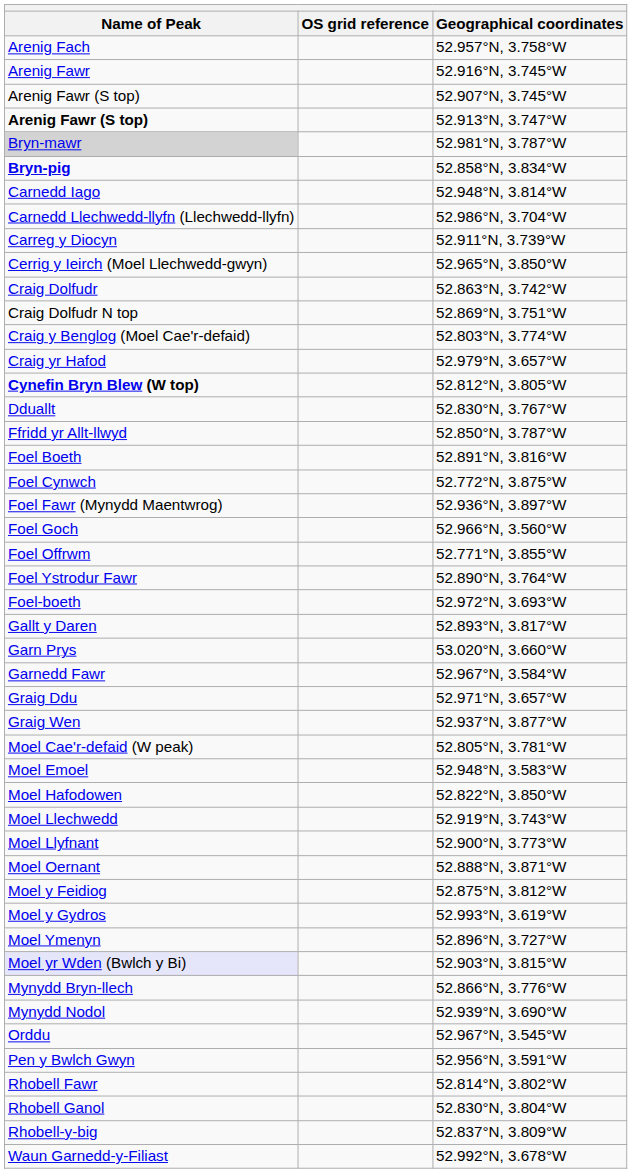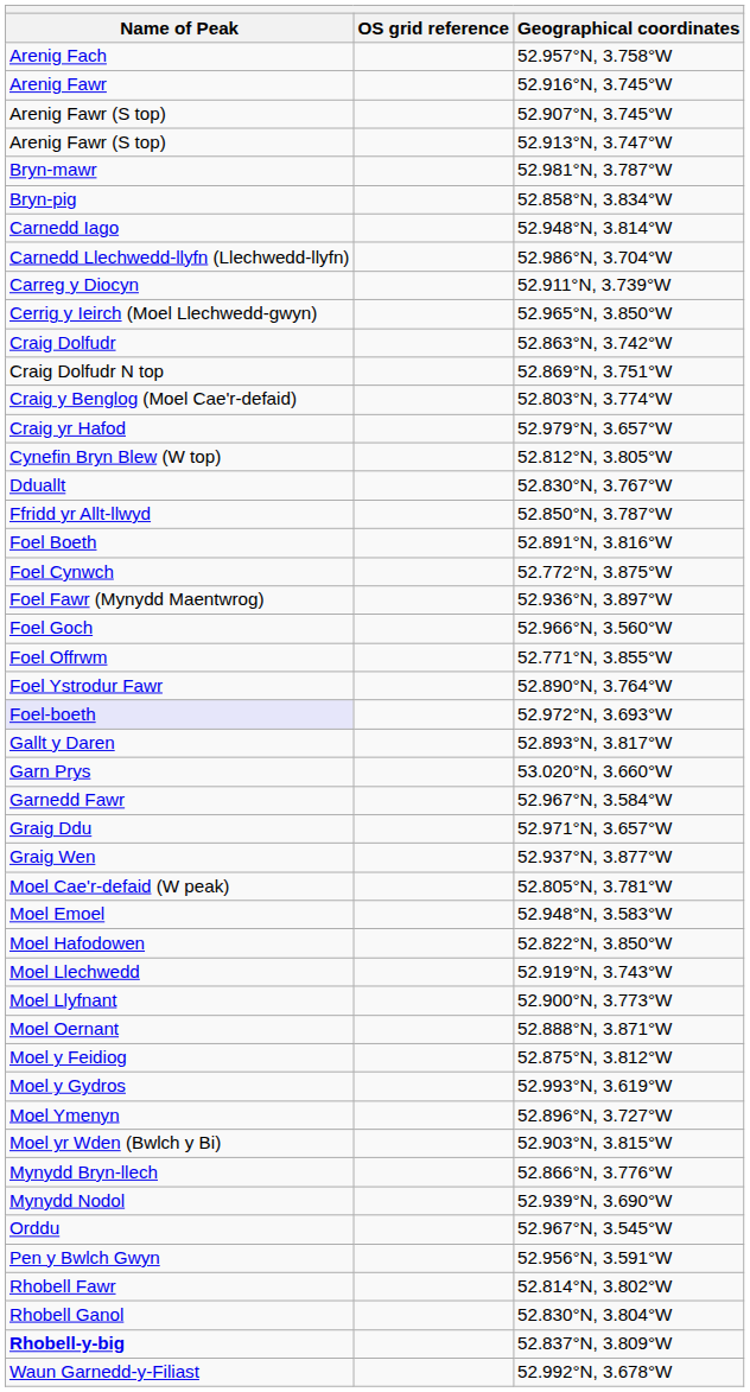 <table class="wikitable sortable">
 <tr>
 <th colspan="4"></th>
 </tr>
 <tr>
 <th>Name of Peak</th>
 <th>OS grid reference</th>
 <th>Geographical coordinates</th>
 </tr>
 <tr>
 <td><a href='#'>Arenig Fach</a></td>
 <td></td>
 <td>52.957°N, 3.758°W</td>
 </tr>
 <tr>
 <td><a href='#'>Arenig Fawr</a></td>
 <td></td>
 <td>52.916°N, 3.745°W</td>
 </tr>
 <tr>
 <td>Arenig Fawr (S top)</td>
 <td></td>
 <td>52.907°N, 3.745°W</td>
 </tr>
 <tr>
-<td><strong>Arenig Fawr (S top)</strong></td>
+<td>Arenig Fawr (S top)</td>
 <td></td>
 <td>52.913°N, 3.747°W</td>
 </tr>
 <tr>
-<td style="background: lightgrey;"><a href='#'>Bryn-mawr</a></td>
+<td><a href='#'>Bryn-mawr</a></td>
 <td></td>
 <td>52.981°N, 3.787°W</td>
 </tr>
 <tr>
-<td><strong><a href='#'>Bryn-pig</a></strong></td>
+<td><a href='#'>Bryn-pig</a></td>
 <td></td>
 <td>52.858°N, 3.834°W</td>
 </tr>
 <tr>
 <td><a href='#'>Carnedd Iago</a></td>
 <td></td>
 <td>52.948°N, 3.814°W</td>
 </tr>
 <tr>
 <td><a href='#'>Carnedd Llechwedd-llyfn</a> (Llechwedd-llyfn)</td>
 <td></td>
 <td>52.986°N, 3.704°W</td>
 </tr>
 <tr>
 <td><a href='#'>Carreg y Diocyn</a></td>
 <td></td>
 <td>52.911°N, 3.739°W</td>
 </tr>
 <tr>
 <td><a href='#'>Cerrig y Ieirch</a> (Moel Llechwedd-gwyn)</td>
 <td></td>
 <td>52.965°N, 3.850°W</td>
 </tr>
 <tr>
 <td><a href='#'>Craig Dolfudr</a></td>
 <td></td>
 <td>52.863°N, 3.742°W</td>
 </tr>
 <tr>
 <td>Craig Dolfudr N top</td>
 <td></td>
 <td>52.869°N, 3.751°W</td>
 </tr>
 <tr>
 <td><a href='#'>Craig y Benglog</a> (Moel Cae'r-defaid)</td>
 <td></td>
 <td>52.803°N, 3.774°W</td>
 </tr>
 <tr>
 <td><a href='#'>Craig yr Hafod</a></td>
 <td></td>
 <td>52.979°N, 3.657°W</td>
 </tr>
 <tr>
-<td><strong><a href='#'>Cynefin Bryn Blew</a> (W top)</strong></td>
+<td><a href='#'>Cynefin Bryn Blew</a> (W top)</td>
 <td></td>
 <td>52.812°N, 3.805°W</td>
 </tr>
 <tr>
 <td><a href='#'>Dduallt</a></td>
 <td></td>
 <td>52.830°N, 3.767°W</td>
 </tr>
 <tr>
 <td><a href='#'>Ffridd yr Allt-llwyd</a></td>
 <td></td>
 <td>52.850°N, 3.787°W</td>
 </tr>
 <tr>
 <td><a href='#'>Foel Boeth</a></td>
 <td></td>
 <td>52.891°N, 3.816°W</td>
 </tr>
 <tr>
 <td><a href='#'>Foel Cynwch</a></td>
 <td></td>
 <td>52.772°N, 3.875°W</td>
 </tr>
 <tr>
 <td><a href='#'>Foel Fawr</a> (Mynydd Maentwrog)</td>
 <td></td>
 <td>52.936°N, 3.897°W</td>
 </tr>
 <tr>
 <td><a href='#'>Foel Goch</a></td>
 <td></td>
 <td>52.966°N, 3.560°W</td>
 </tr>
 <tr>
 <td><a href='#'>Foel Offrwm</a></td>
 <td></td>
 <td>52.771°N, 3.855°W</td>
 </tr>
 <tr>
 <td><a href='#'>Foel Ystrodur Fawr</a></td>
 <td></td>
 <td>52.890°N, 3.764°W</td>
 </tr>
 <tr>
-<td><a href='#'>Foel-boeth</a></td>
+<td style="background: lavender;"><a href='#'>Foel-boeth</a></td>
 <td></td>
 <td>52.972°N, 3.693°W</td>
 </tr>
 <tr>
 <td><a href='#'>Gallt y Daren</a></td>
 <td></td>
 <td>52.893°N, 3.817°W</td>
 </tr>
 <tr>
 <td><a href='#'>Garn Prys</a></td>
 <td></td>
 <td>53.020°N, 3.660°W</td>
 </tr>
 <tr>
 <td><a href='#'>Garnedd Fawr</a></td>
 <td></td>
 <td>52.967°N, 3.584°W</td>
 </tr>
 <tr>
 <td><a href='#'>Graig Ddu</a></td>
 <td></td>
 <td>52.971°N, 3.657°W</td>
 </tr>
 <tr>
 <td><a href='#'>Graig Wen</a></td>
 <td></td>
 <td>52.937°N, 3.877°W</td>
 </tr>
 <tr>
 <td><a href='#'>Moel Cae'r-defaid</a> (W peak)</td>
 <td></td>
 <td>52.805°N, 3.781°W</td>
 </tr>
 <tr>
 <td><a href='#'>Moel Emoel</a></td>
 <td></td>
 <td>52.948°N, 3.583°W</td>
 </tr>
 <tr>
 <td><a href='#'>Moel Hafodowen</a></td>
 <td></td>
 <td>52.822°N, 3.850°W</td>
 </tr>
 <tr>
 <td><a href='#'>Moel Llechwedd</a></td>
 <td></td>
 <td>52.919°N, 3.743°W</td>
 </tr>
 <tr>
 <td><a href='#'>Moel Llyfnant</a></td>
 <td></td>
 <td>52.900°N, 3.773°W</td>
 </tr>
 <tr>
 <td><a href='#'>Moel Oernant</a></td>
 <td></td>
 <td>52.888°N, 3.871°W</td>
 </tr>
 <tr>
 <td><a href='#'>Moel y Feidiog</a></td>
 <td></td>
 <td>52.875°N, 3.812°W</td>
 </tr>
 <tr>
 <td><a href='#'>Moel y Gydros</a></td>
 <td></td>
 <td>52.993°N, 3.619°W</td>
 </tr>
 <tr>
 <td><a href='#'>Moel Ymenyn</a></td>
 <td></td>
 <td>52.896°N, 3.727°W</td>
 </tr>
 <tr>
-<td style="background: lavender;"><a href='#'>Moel yr Wden</a> (Bwlch y Bi)</td>
+<td><a href='#'>Moel yr Wden</a> (Bwlch y Bi)</td>
 <td></td>
 <td>52.903°N, 3.815°W</td>
 </tr>
 <tr>
 <td><a href='#'>Mynydd Bryn-llech</a></td>
 <td></td>
 <td>52.866°N, 3.776°W</td>
 </tr>
 <tr>
 <td><a href='#'>Mynydd Nodol</a></td>
 <td></td>
 <td>52.939°N, 3.690°W</td>
 </tr>
 <tr>
 <td><a href='#'>Orddu</a></td>
 <td></td>
 <td>52.967°N, 3.545°W</td>
 </tr>
 <tr>
 <td><a href='#'>Pen y Bwlch Gwyn</a></td>
 <td></td>
 <td>52.956°N, 3.591°W</td>
 </tr>
 <tr>
 <td><a href='#'>Rhobell Fawr</a></td>
 <td></td>
 <td>52.814°N, 3.802°W</td>
 </tr>
 <tr>
 <td><a href='#'>Rhobell Ganol</a></td>
 <td></td>
 <td>52.830°N, 3.804°W</td>
 </tr>
 <tr>
-<td><a href='#'>Rhobell-y-big</a></td>
+<td><strong><a href='#'>Rhobell-y-big</a></strong></td>
 <td></td>
 <td>52.837°N, 3.809°W</td>
 </tr>
 <tr>
 <td><a href='#'>Waun Garnedd-y-Filiast</a></td>
 <td></td>
 <td>52.992°N, 3.678°W</td>
 </tr>
 </table>
